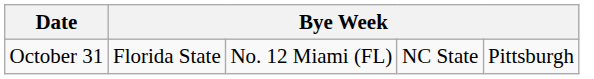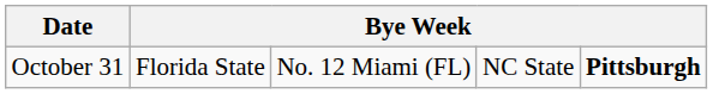 <table class="wikitable" style="font-size:95%;">
 <tr>
 <th>Date</th>
 <th colspan="4">Bye Week</th>
 </tr>
 <tr>
 <td>October 31</td>
 <td>Florida State</td>
 <td>No. 12 Miami (FL)</td>
 <td>NC State</td>
-<td>Pittsburgh</td>
+<td><strong>Pittsburgh</strong></td>
 </tr>
 </table>
